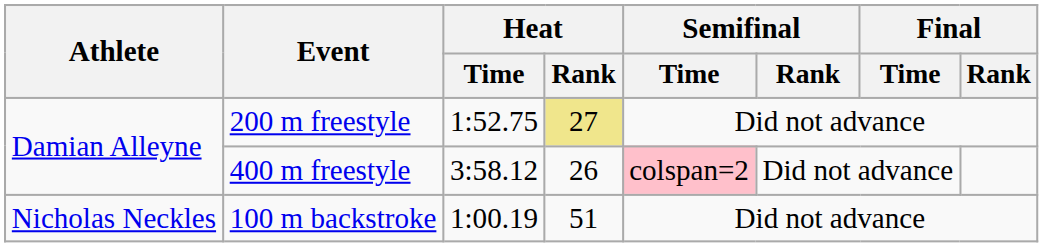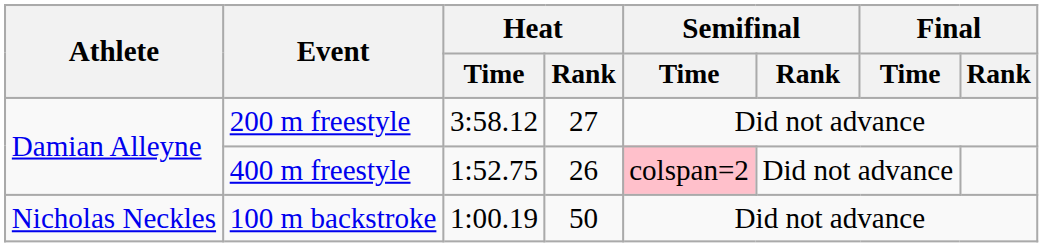 <table class=wikitable style="font-size:90%">
 <tr>
 <th rowspan="2">Athlete</th>
 <th rowspan="2">Event</th>
 <th colspan="2">Heat</th>
 <th colspan="2">Semifinal</th>
 <th colspan="2">Final</th>
 </tr>
 <tr style="font-size:95%">
 <th>Time</th>
 <th>Rank</th>
 <th>Time</th>
 <th>Rank</th>
 <th>Time</th>
 <th>Rank</th>
 </tr>
 <tr align=center>
 <td align=left rowspan=2><a href='#'>Damian Alleyne</a></td>
 <td align=left><a href='#'>200 m freestyle</a></td>
-<td>1:52.75</td>
-<td style="background: khaki;">27</td>
+<td>3:58.12</td>
+<td>27</td>
 <td colspan=4>Did not advance</td>
 </tr>
 <tr align=center>
 <td align=left><a href='#'>400 m freestyle</a></td>
-<td>3:58.12</td>
+<td>1:52.75</td>
 <td>26</td>
 <td style="background: pink;">colspan=2</td>
 <td colspan=2>Did not advance</td>
 </tr>
 <tr align=center>
 <td align=left><a href='#'>Nicholas Neckles</a></td>
 <td align=left><a href='#'>100 m backstroke</a></td>
 <td>1:00.19</td>
-<td>51</td>
+<td>50</td>
 <td colspan=4>Did not advance</td>
 </tr>
 </table>
